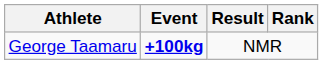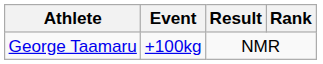 <table class=wikitable style="font-size:90%">
 <tr>
 <th>Athlete</th>
 <th>Event</th>
 <th>Result</th>
 <th>Rank</th>
 </tr>
 <tr>
 <td><a href='#'>George Taamaru</a></td>
-<td><strong><a href='#'>+100kg</a></strong></td>
+<td><a href='#'>+100kg</a></td>
 <td style="text-align:center;" colspan="2">NMR</td>
 </tr>
 </table>
